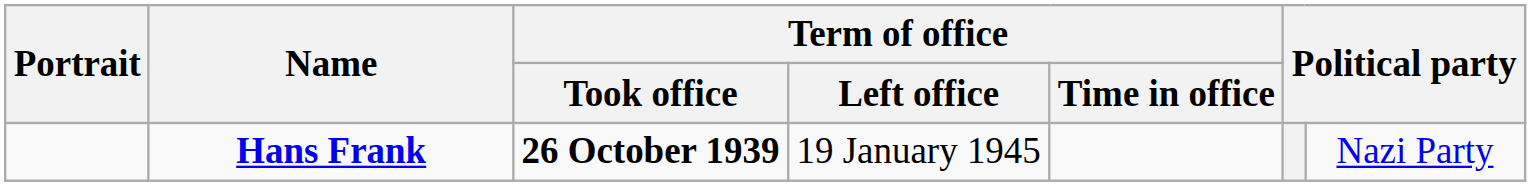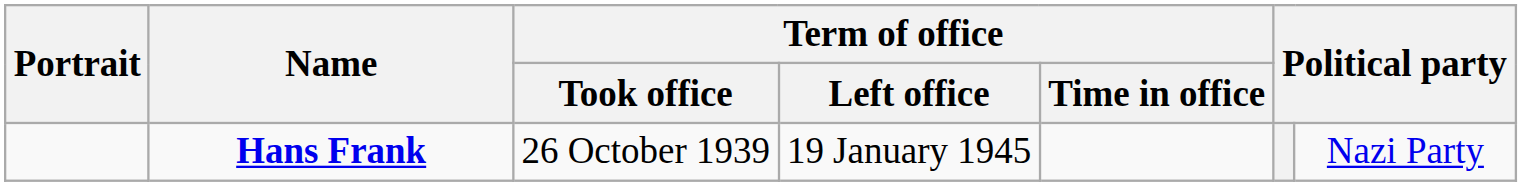 <table class="wikitable" style="text-align:center">
 <tr>
 <th rowspan=2>Portrait</th>
 <th rowspan=2 width=150>Name<br></th>
 <th colspan=3>Term of office</th>
 <th colspan=2 rowspan=2>Political party</th>
 </tr>
 <tr>
 <th>Took office</th>
 <th>Left office</th>
 <th>Time in office</th>
 </tr>
 <tr>
 <td></td>
 <td><strong><a href='#'>Hans Frank</a></strong><br></td>
-<td><strong>26 October 1939</strong></td>
+<td>26 October 1939</td>
 <td>19 January 1945</td>
 <td></td>
 <th style="background:"></th>
 <td><a href='#'>Nazi Party</a></td>
 </tr>
 </table>
